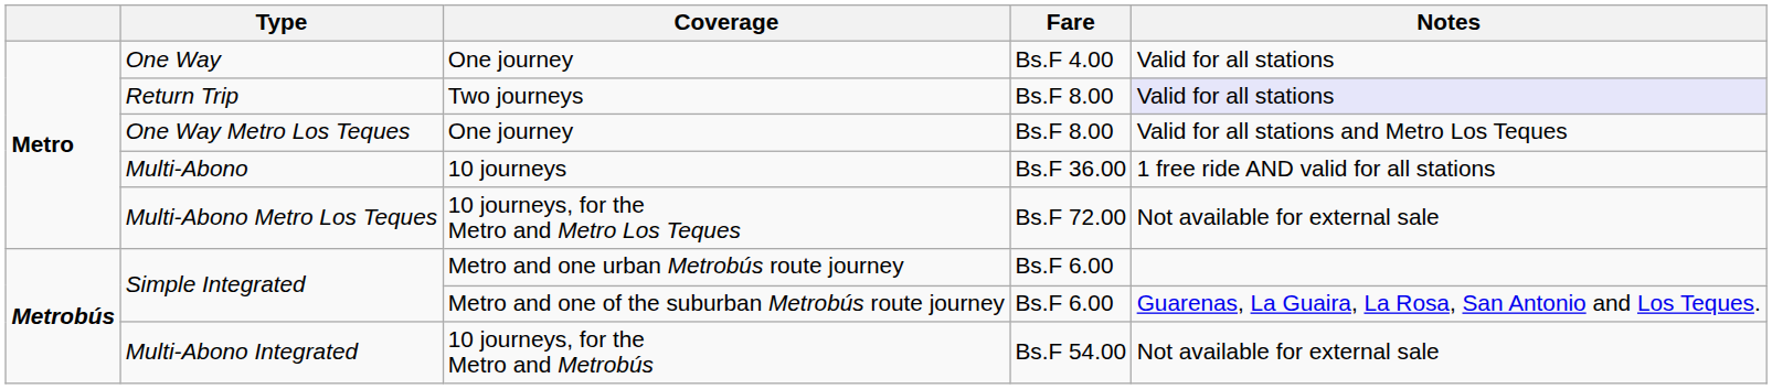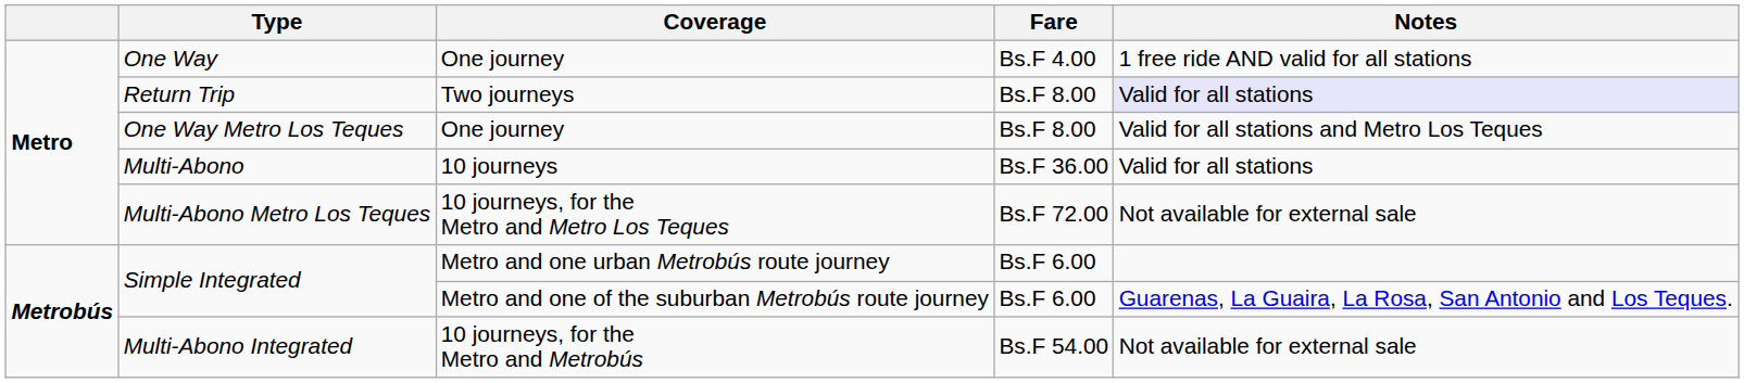 <table class="wikitable" style="margin:auto;">
 <tr>
 <th></th>
 <th>Type</th>
 <th>Coverage</th>
 <th>Fare</th>
 <th>Notes</th>
 </tr>
 <tr>
 <td rowspan=5><strong>Metro</strong></td>
 <td><em>One Way</em></td>
 <td>One journey</td>
 <td>Bs.F 4.00</td>
-<td>Valid for all stations</td>
+<td>1 free ride AND valid for all stations</td>
 </tr>
 <tr>
 <td><em>Return Trip</em></td>
 <td>Two journeys</td>
 <td>Bs.F 8.00</td>
 <td style="background: lavender;">Valid for all stations</td>
 </tr>
 <tr>
 <td><em>One Way Metro Los Teques</em></td>
 <td>One journey</td>
 <td>Bs.F 8.00</td>
 <td>Valid for all stations and Metro Los Teques</td>
 </tr>
 <tr>
 <td><em>Multi-Abono</em></td>
 <td>10 journeys</td>
 <td>Bs.F 36.00</td>
-<td>1 free ride AND valid for all stations</td>
+<td>Valid for all stations</td>
 </tr>
 <tr>
 <td><em>Multi-Abono Metro Los Teques</em></td>
 <td>10 journeys, for the<br>Metro and <em>Metro Los Teques</em><br></td>
 <td>Bs.F 72.00</td>
 <td>Not available for external sale</td>
 </tr>
 <tr>
 <td rowspan=3><strong><em>Metrobús</em></strong></td>
 <td rowspan=2><em>Simple Integrated</em></td>
 <td>Metro and one urban <em>Metrobús</em> route journey</td>
 <td>Bs.F 6.00</td>
 </tr>
 <tr>
 <td>Metro and one of the suburban <em>Metrobús</em> route journey</td>
 <td>Bs.F 6.00</td>
 <td><a href='#'>Guarenas</a>, <a href='#'>La Guaira</a>, <a href='#'>La Rosa</a>, <a href='#'>San Antonio</a> and <a href='#'>Los Teques</a>.</td>
 </tr>
 <tr>
 <td><em>Multi-Abono Integrated</em></td>
 <td>10 journeys, for the<br>Metro and <em>Metrobús</em><br></td>
 <td>Bs.F 54.00</td>
 <td>Not available for external sale</td>
 </tr>
 </table>
